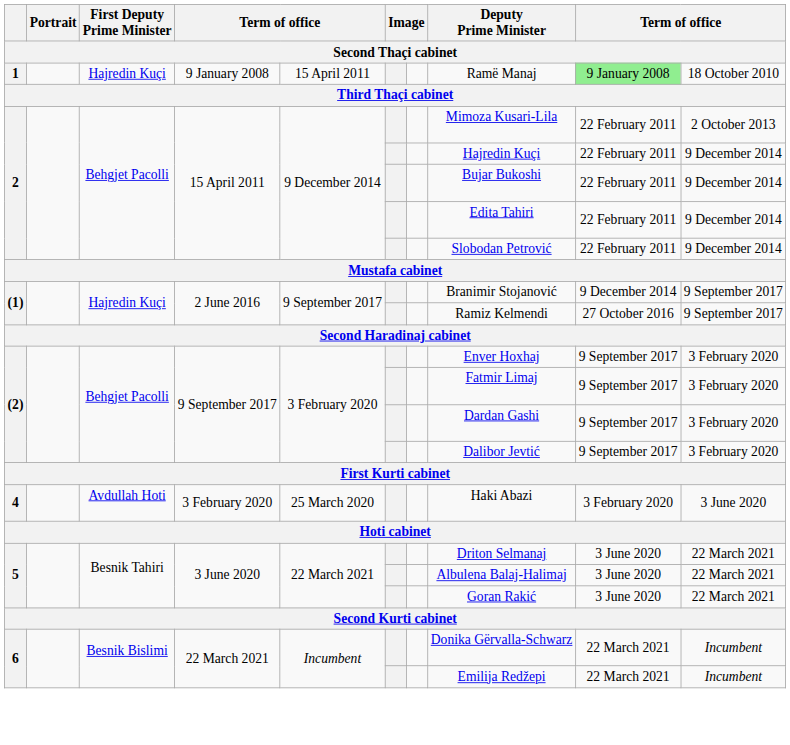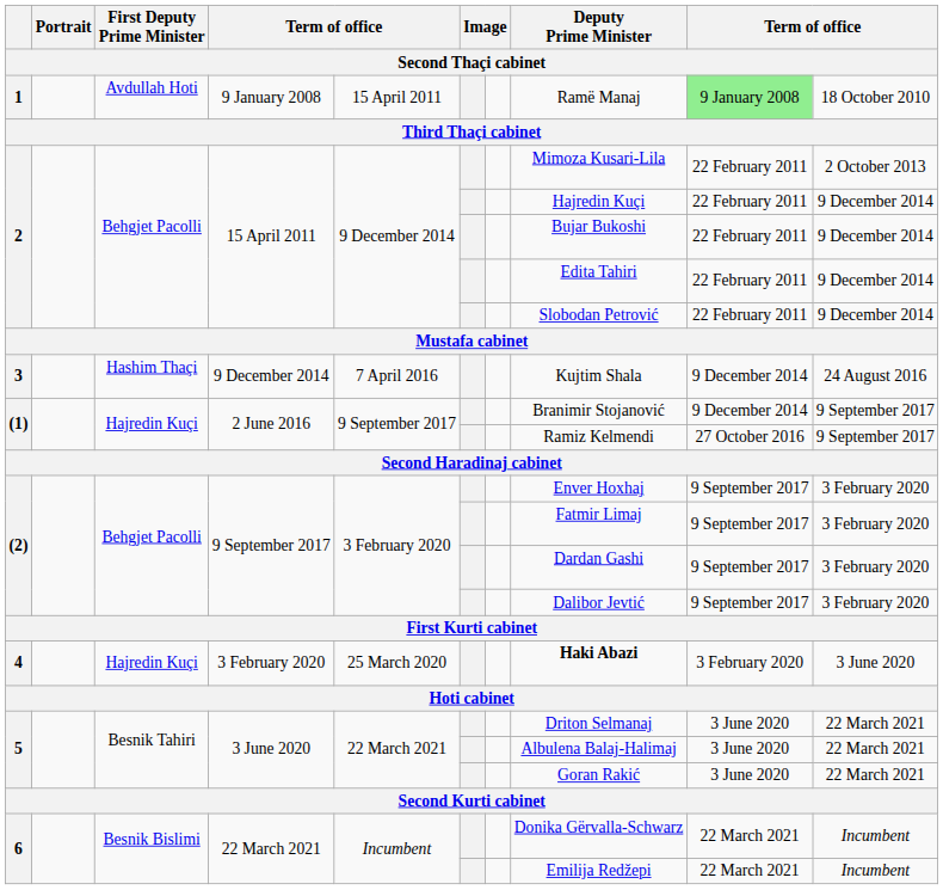 <table class="wikitable" style="text-align:center">
 <tr>
 <th></th>
 <th>Portrait</th>
 <th>First Deputy<br>Prime Minister<br></th>
 <th colspan="2">Term of office</th>
 <th colspan="2">Image</th>
 <th>Deputy<br>Prime Minister<br></th>
 <th colspan="2">Term of office</th>
 </tr>
 <tr>
 <th colspan="10">Second Thaçi cabinet</th>
 </tr>
 <tr>
 <th style="background-color:">1</th>
 <td></td>
-<td><a href='#'>Hajredin Kuçi</a><br></td>
+<td><a href='#'>Avdullah Hoti</a><br><br></td>
 <td>9 January 2008</td>
 <td>15 April 2011</td>
 <th style="background-color:"></th>
 <td></td>
 <td>Ramë Manaj<br></td>
 <td style="background: lightgreen;">9 January 2008</td>
 <td>18 October 2010</td>
 </tr>
 <tr>
 <th colspan="10"><a href='#'>Third Thaçi cabinet</a></th>
 </tr>
 <tr>
 <th rowspan="5" style="background-color:">2</th>
 <td rowspan="5"></td>
 <td rowspan="5"><a href='#'>Behgjet Pacolli</a><br><br></td>
 <td rowspan="5">15 April 2011</td>
 <td rowspan="5">9 December 2014</td>
 <th style="background-color:"></th>
 <td></td>
 <td><a href='#'>Mimoza Kusari-Lila</a><br><br></td>
 <td>22 February 2011</td>
 <td>2 October 2013</td>
 </tr>
 <tr>
 <th style="background-color:"></th>
 <td></td>
 <td><a href='#'>Hajredin Kuçi</a><br></td>
 <td>22 February 2011</td>
 <td>9 December 2014</td>
 </tr>
 <tr>
 <th style="background-color:"></th>
 <td></td>
 <td><a href='#'>Bujar Bukoshi</a><br><br></td>
 <td>22 February 2011</td>
 <td>9 December 2014</td>
 </tr>
 <tr>
 <th style="background-color:"></th>
 <td></td>
 <td><a href='#'>Edita Tahiri</a><br><br></td>
 <td>22 February 2011</td>
 <td>9 December 2014</td>
 </tr>
 <tr>
 <th style="background-color:"></th>
 <td></td>
 <td><a href='#'>Slobodan Petrović</a><br></td>
 <td>22 February 2011</td>
 <td>9 December 2014</td>
 </tr>
 <tr>
 <th colspan="10"><a href='#'>Mustafa cabinet</a></th>
+</tr>
+<tr>
+<th style="background-color:">3</th>
+<td></td>
+<td><a href='#'>Hashim Thaçi</a><br><br></td>
+<td>9 December 2014</td>
+<td>7 April 2016</td>
+<th style="background-color:"></th>
+<td></td>
+<td>Kujtim Shala<br></td>
+<td>9 December 2014</td>
+<td>24 August 2016</td>
 </tr>
 <tr>
 <th rowspan="2" style="background-color:">(1)</th>
 <td rowspan="2"></td>
 <td rowspan="2"><a href='#'>Hajredin Kuçi</a><br></td>
 <td rowspan="2">2 June 2016</td>
 <td rowspan="2">9 September 2017</td>
 <th style="background-color:"></th>
 <td></td>
 <td>Branimir Stojanović</td>
 <td>9 December 2014</td>
 <td>9 September 2017</td>
 </tr>
 <tr>
 <th style="background-color:"></th>
 <td></td>
 <td>Ramiz Kelmendi<br></td>
 <td>27 October 2016</td>
 <td>9 September 2017</td>
 </tr>
 <tr>
 <th colspan="10"><a href='#'>Second Haradinaj cabinet</a></th>
 </tr>
 <tr>
 <th rowspan="4" style="background-color:">(2)</th>
 <td rowspan="4"></td>
 <td rowspan="4"><a href='#'>Behgjet Pacolli</a><br><br></td>
 <td rowspan="4">9 September 2017</td>
 <td rowspan="4">3 February 2020</td>
 <th style="background-color:"></th>
 <td></td>
 <td><a href='#'>Enver Hoxhaj</a><br></td>
 <td>9 September 2017</td>
 <td>3 February 2020</td>
 </tr>
 <tr>
 <th style="background-color:"></th>
 <td></td>
 <td><a href='#'>Fatmir Limaj</a><br><br></td>
 <td>9 September 2017</td>
 <td>3 February 2020</td>
 </tr>
 <tr>
 <th style="background-color:"></th>
 <td></td>
 <td><a href='#'>Dardan Gashi</a><br><br></td>
 <td>9 September 2017</td>
 <td>3 February 2020</td>
 </tr>
 <tr>
 <th style="background-color:"></th>
 <td></td>
 <td><a href='#'>Dalibor Jevtić</a><br></td>
 <td>9 September 2017</td>
 <td>3 February 2020</td>
 </tr>
 <tr>
 <th colspan="10"><a href='#'>First Kurti cabinet</a></th>
 </tr>
 <tr>
 <th style="background-color:">4</th>
 <td></td>
-<td><a href='#'>Avdullah Hoti</a><br><br></td>
+<td><a href='#'>Hajredin Kuçi</a><br></td>
 <td>3 February 2020</td>
 <td>25 March 2020</td>
 <th style="background-color:"></th>
 <td></td>
-<td>Haki Abazi<br><br></td>
+<td><strong>Haki Abazi<br><br></strong></td>
 <td>3 February 2020</td>
 <td>3 June 2020</td>
 </tr>
 <tr>
 <th colspan="10"><a href='#'>Hoti cabinet</a></th>
 </tr>
 <tr>
 <th rowspan="3" style="background-color:">5</th>
 <td rowspan="3"></td>
 <td rowspan="3">Besnik Tahiri<br><br></td>
 <td rowspan="3">3 June 2020</td>
 <td rowspan="3">22 March 2021</td>
 <th style="background-color:"></th>
 <td></td>
 <td><a href='#'>Driton Selmanaj</a><br></td>
 <td>3 June 2020</td>
 <td>22 March 2021</td>
 </tr>
 <tr>
 <th style="background-color:"></th>
 <td></td>
 <td><a href='#'>Albulena Balaj-Halimaj</a><br></td>
 <td>3 June 2020</td>
 <td>22 March 2021</td>
 </tr>
 <tr>
 <th style="background-color:"></th>
 <td></td>
 <td><a href='#'>Goran Rakić</a><br></td>
 <td>3 June 2020</td>
 <td>22 March 2021</td>
 </tr>
 <tr>
 <th colspan="10"><a href='#'>Second Kurti cabinet</a></th>
 </tr>
 <tr>
 <th rowspan="2" style="background-color:">6</th>
 <td rowspan="2"></td>
 <td rowspan="2"><a href='#'>Besnik Bislimi</a><br><br></td>
 <td rowspan="2">22 March 2021</td>
 <td rowspan="2"><em>Incumbent</em></td>
 <th style="background-color:"></th>
 <td></td>
 <td><a href='#'>Donika Gërvalla-Schwarz</a><br><br></td>
 <td>22 March 2021</td>
 <td><em>Incumbent</em></td>
 </tr>
 <tr>
 <th style="background-color:"></th>
 <td></td>
 <td><a href='#'>Emilija Redžepi</a><br></td>
 <td>22 March 2021</td>
 <td><em>Incumbent</em></td>
 </tr>
 </table>
